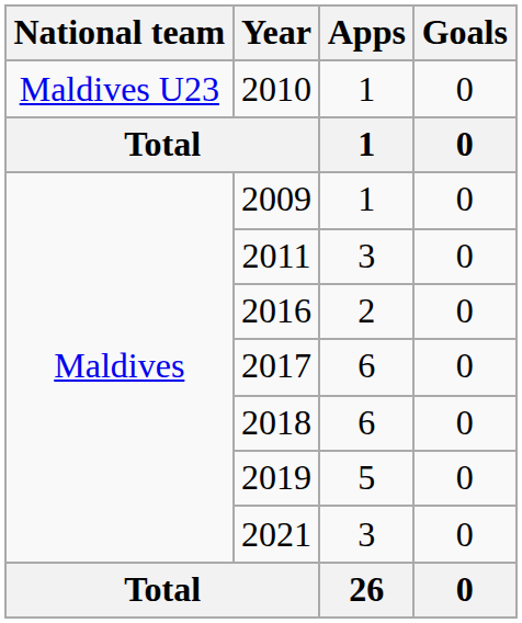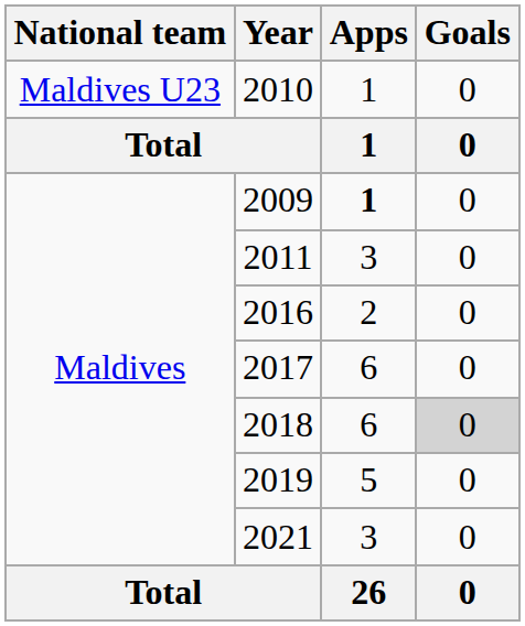 <table class="wikitable" style="text-align:center">
 <tr>
 <th>National team</th>
 <th>Year</th>
 <th>Apps</th>
 <th>Goals</th>
 </tr>
 <tr>
 <td rowspan=2><a href='#'>Maldives U23</a></td>
 </tr>
 <tr>
 <td>2010</td>
 <td>1</td>
 <td>0</td>
 </tr>
 <tr>
 <th colspan=2>Total</th>
 <th>1</th>
 <th>0</th>
 </tr>
 <tr>
 <td rowspan=8><a href='#'>Maldives</a></td>
 </tr>
 <tr>
 <td>2009</td>
-<td>1</td>
+<td><strong>1</strong></td>
 <td>0</td>
 </tr>
 <tr>
 <td>2011</td>
 <td>3</td>
 <td>0</td>
 </tr>
 <tr>
 <td>2016</td>
 <td>2</td>
 <td>0</td>
 </tr>
 <tr>
 <td>2017</td>
 <td>6</td>
 <td>0</td>
 </tr>
 <tr>
 <td>2018</td>
 <td>6</td>
-<td>0</td>
+<td style="background: lightgrey;">0</td>
 </tr>
 <tr>
 <td>2019</td>
 <td>5</td>
 <td>0</td>
 </tr>
 <tr>
 <td>2021</td>
 <td>3</td>
 <td>0</td>
 </tr>
 <tr>
 <th colspan=2>Total</th>
 <th>26</th>
 <th>0</th>
 </tr>
 </table>
